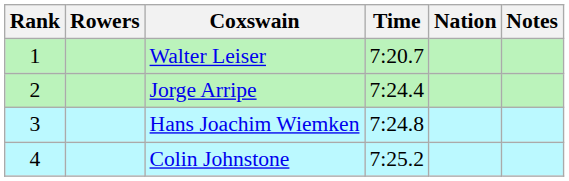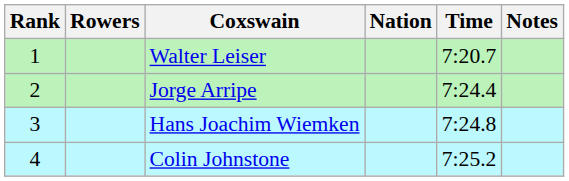 <table class="wikitable sortable" style="text-align:center">
 <tr>
 <th>Rank</th>
 <th>Rowers</th>
 <th>Coxswain</th>
+<th>Nation</th>
 <th>Time</th>
-<th>Nation</th>
 <th>Notes</th>
 </tr>
 <tr bgcolor=bbf3bb>
 <td>1</td>
 <td align=left></td>
 <td align=left><a href='#'>Walter Leiser</a></td>
+<td align=left></td>
 <td>7:20.7</td>
-<td align=left></td>
 <td></td>
 </tr>
 <tr bgcolor=bbf3bb>
 <td>2</td>
 <td align=left></td>
 <td align=left><a href='#'>Jorge Arripe</a></td>
+<td align=left></td>
 <td>7:24.4</td>
-<td align=left></td>
 <td></td>
 </tr>
 <tr bgcolor=bbf9ff>
 <td>3</td>
 <td align=left></td>
 <td align=left><a href='#'>Hans Joachim Wiemken</a></td>
+<td align=left></td>
 <td>7:24.8</td>
-<td align=left></td>
 <td></td>
 </tr>
 <tr bgcolor=bbf9ff>
 <td>4</td>
 <td align=left></td>
 <td align=left><a href='#'>Colin Johnstone</a></td>
+<td align=left></td>
 <td>7:25.2</td>
-<td align=left></td>
 <td></td>
 </tr>
 </table>
